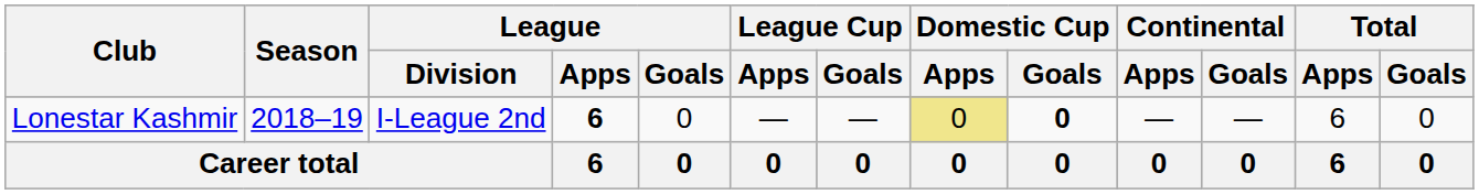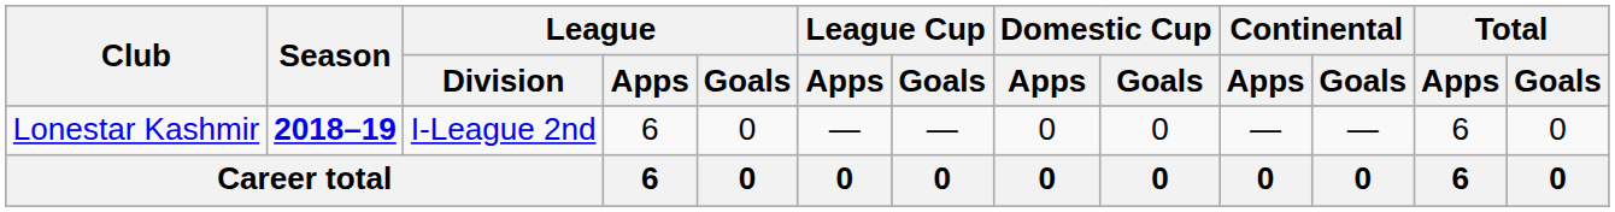 <table class="wikitable" style="text-align: center;">
 <tr>
 <th rowspan="2">Club</th>
 <th rowspan="2">Season</th>
 <th colspan="3">League</th>
 <th colspan="2">League Cup</th>
 <th colspan="2">Domestic Cup</th>
 <th colspan="2">Continental</th>
 <th colspan="2">Total</th>
 </tr>
 <tr>
 <th>Division</th>
 <th>Apps</th>
 <th>Goals</th>
 <th>Apps</th>
 <th>Goals</th>
 <th>Apps</th>
 <th>Goals</th>
 <th>Apps</th>
 <th>Goals</th>
 <th>Apps</th>
 <th>Goals</th>
 </tr>
 <tr>
 <td rowspan="1"><a href='#'>Lonestar Kashmir</a></td>
-<td><a href='#'>2018–19</a></td>
+<td><strong><a href='#'>2018–19</a></strong></td>
 <td><a href='#'>I-League 2nd</a></td>
-<td><strong>6</strong></td>
+<td>6</td>
 <td>0</td>
 <td>—</td>
 <td>—</td>
-<td style="background: khaki;">0</td>
-<td><strong>0</strong></td>
+<td>0</td>
+<td>0</td>
 <td>—</td>
 <td>—</td>
 <td>6</td>
 <td>0</td>
 </tr>
 <tr>
 <th colspan="3">Career total</th>
 <th>6</th>
 <th>0</th>
 <th>0</th>
 <th>0</th>
 <th>0</th>
 <th>0</th>
 <th>0</th>
 <th>0</th>
 <th>6</th>
 <th>0</th>
 </tr>
 </table>
